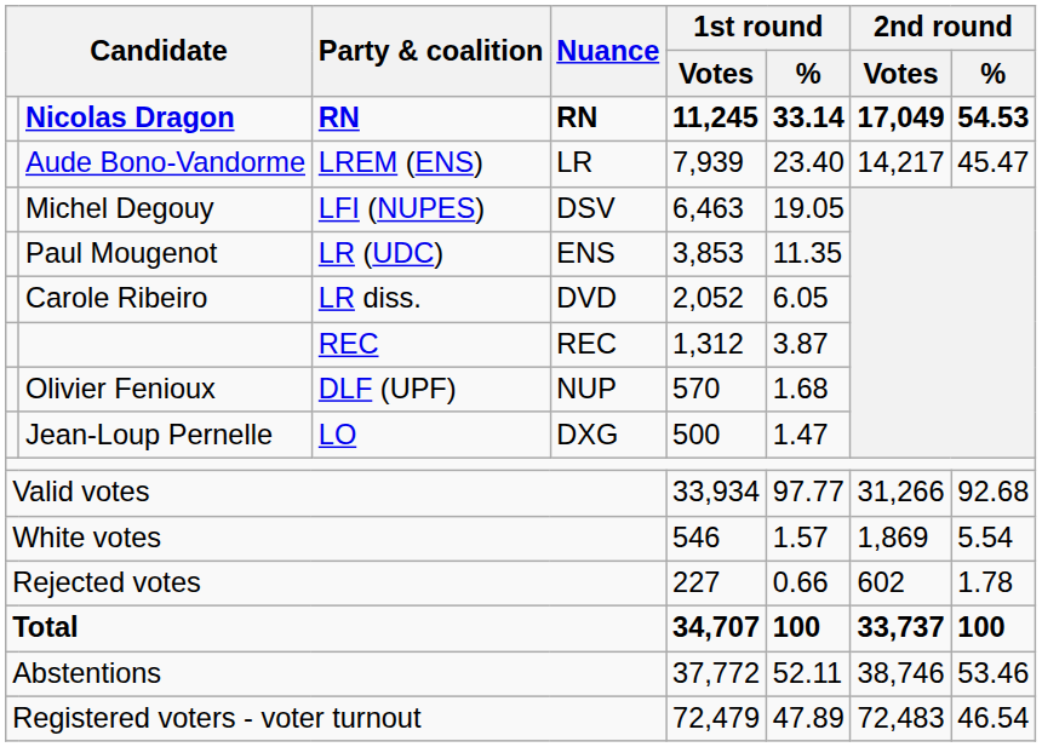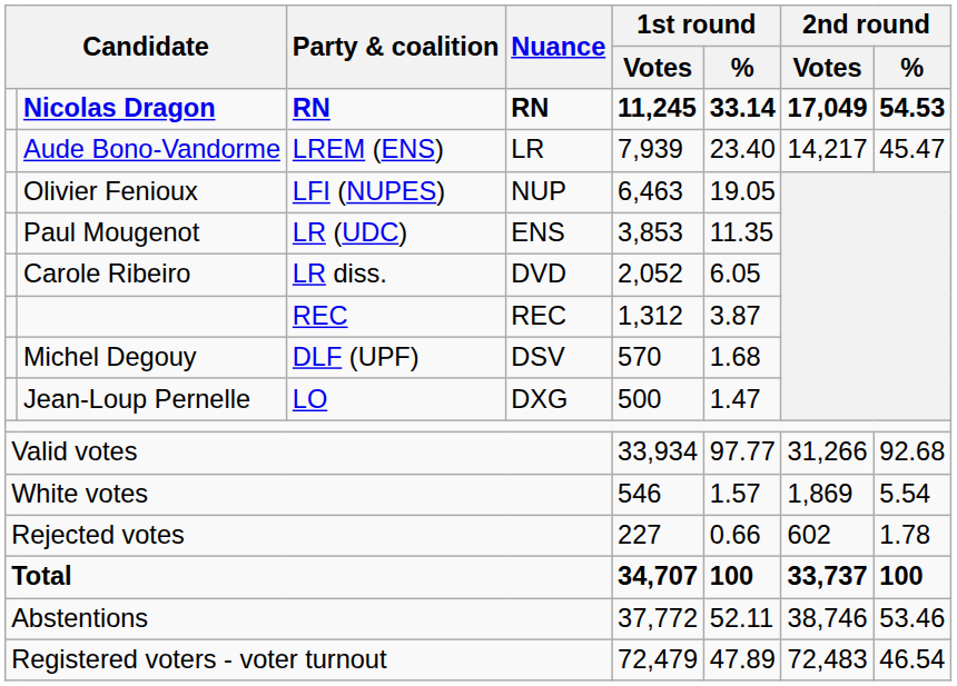 <table class="wikitable">
 <tr>
 <th colspan="2" rowspan="2">Candidate</th>
 <th rowspan="2">Party & coalition</th>
 <th rowspan="2"><a href='#'>Nuance</a></th>
 <th colspan="2">1st round</th>
 <th colspan="2">2nd round</th>
 </tr>
 <tr>
 <th>Votes</th>
 <th>%</th>
 <th>Votes</th>
 <th>%</th>
 </tr>
 <tr>
 <td style="background:"></td>
 <td><strong><a href='#'>Nicolas Dragon</a></strong></td>
 <td><strong><a href='#'>RN</a></strong></td>
 <td><strong>RN</strong></td>
 <td><strong>11,245</strong></td>
 <td><strong>33.14</strong></td>
 <td><strong>17,049</strong></td>
 <td><strong>54.53</strong></td>
 </tr>
 <tr>
 <td style="background:"></td>
 <td><a href='#'>Aude Bono-Vandorme</a></td>
 <td><a href='#'>LREM</a> (<a href='#'>ENS</a>)</td>
 <td>LR</td>
 <td>7,939</td>
 <td>23.40</td>
 <td>14,217</td>
 <td>45.47</td>
 </tr>
 <tr>
 <td style="background:"></td>
-<td>Michel Degouy</td>
+<td>Olivier Fenioux</td>
 <td><a href='#'>LFI</a> (<a href='#'>NUPES</a>)</td>
-<td>DSV</td>
+<td>NUP</td>
 <td>6,463</td>
 <td>19.05</td>
 <th colspan="2" rowspan="6"></th>
 </tr>
 <tr>
 <td style="background:"></td>
 <td>Paul Mougenot</td>
 <td><a href='#'>LR</a> (<a href='#'>UDC</a>)</td>
 <td>ENS</td>
 <td>3,853</td>
 <td>11.35</td>
 </tr>
 <tr>
 <td style="background:"></td>
 <td>Carole Ribeiro</td>
 <td><a href='#'>LR</a> <abbr>diss.</abbr></td>
 <td>DVD</td>
 <td>2,052</td>
 <td>6.05</td>
 </tr>
 <tr>
 <td style="background:"></td>
 <td></td>
 <td><a href='#'>REC</a></td>
 <td>REC</td>
 <td>1,312</td>
 <td>3.87</td>
 </tr>
 <tr>
 <td style="background:"></td>
-<td>Olivier Fenioux</td>
+<td>Michel Degouy</td>
 <td><a href='#'>DLF</a> (<abbr>UPF</abbr>)</td>
-<td>NUP</td>
+<td>DSV</td>
 <td>570</td>
 <td>1.68</td>
 </tr>
 <tr>
 <td style="background:"></td>
 <td>Jean-Loup Pernelle</td>
 <td><a href='#'>LO</a></td>
 <td>DXG</td>
 <td>500</td>
 <td>1.47</td>
 </tr>
 <tr>
 <td colspan="8"></td>
 </tr>
 <tr>
 <td colspan="4">Valid votes</td>
 <td>33,934</td>
 <td>97.77</td>
 <td>31,266</td>
 <td>92.68</td>
 </tr>
 <tr>
 <td colspan="4">White votes</td>
 <td>546</td>
 <td>1.57</td>
 <td>1,869</td>
 <td>5.54</td>
 </tr>
 <tr>
 <td colspan="4">Rejected votes</td>
 <td>227</td>
 <td>0.66</td>
 <td>602</td>
 <td>1.78</td>
 </tr>
 <tr>
 <td colspan="4"><strong>Total</strong></td>
 <td><strong>34,707</strong></td>
 <td><strong>100</strong></td>
 <td><strong>33,737</strong></td>
 <td><strong>100</strong></td>
 </tr>
 <tr>
 <td colspan="4">Abstentions</td>
 <td>37,772</td>
 <td>52.11</td>
 <td>38,746</td>
 <td>53.46</td>
 </tr>
 <tr>
 <td colspan="4">Registered voters - voter turnout</td>
 <td>72,479</td>
 <td>47.89</td>
 <td>72,483</td>
 <td>46.54</td>
 </tr>
 </table>
